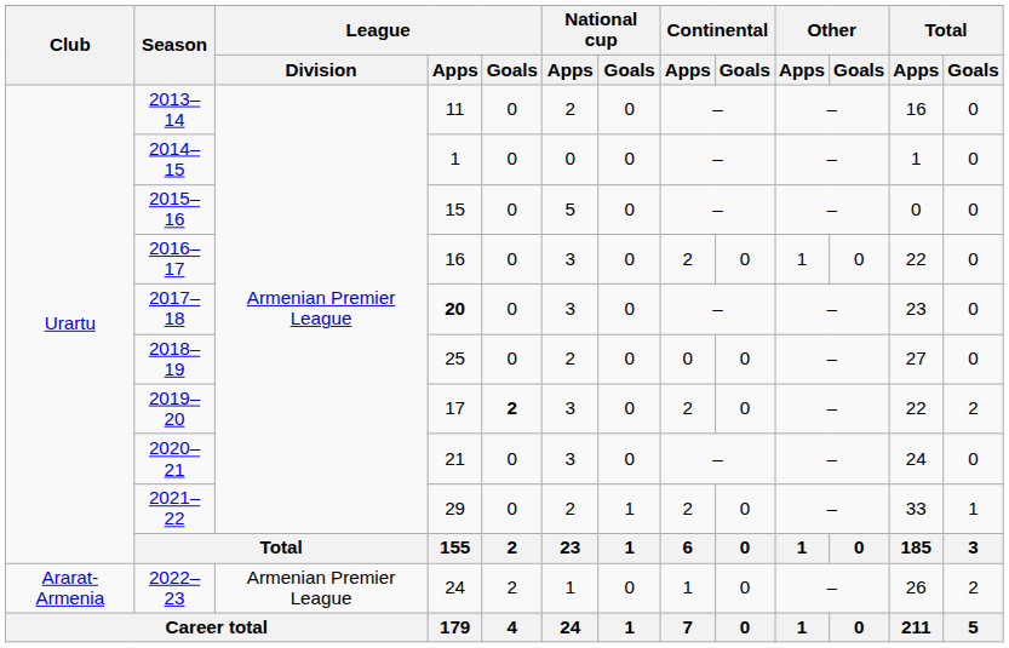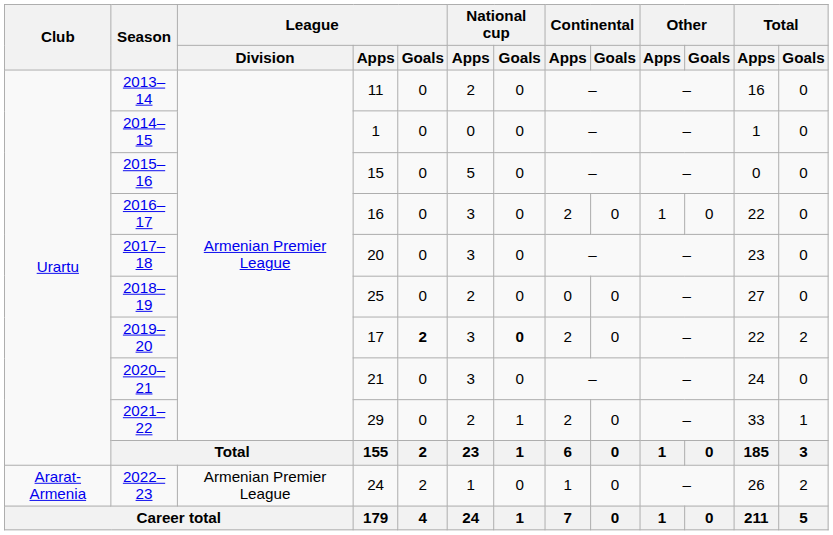 <table class="wikitable" style="text-align: center">
 <tr>
 <th rowspan="2">Club</th>
 <th rowspan="2">Season</th>
 <th colspan="3">League</th>
 <th colspan="2">National cup</th>
 <th colspan="2">Continental</th>
 <th colspan="2">Other</th>
 <th colspan="2">Total</th>
 </tr>
 <tr>
 <th>Division</th>
 <th>Apps</th>
 <th>Goals</th>
 <th>Apps</th>
 <th>Goals</th>
 <th>Apps</th>
 <th>Goals</th>
 <th>Apps</th>
 <th>Goals</th>
 <th>Apps</th>
 <th>Goals</th>
 </tr>
 <tr>
 <td rowspan="10"><a href='#'>Urartu</a></td>
 <td><a href='#'>2013–14</a></td>
 <td rowspan="9"><a href='#'>Armenian Premier League</a></td>
 <td>11</td>
 <td>0</td>
 <td>2</td>
 <td>0</td>
 <td colspan="2">–</td>
 <td colspan="2">–</td>
 <td>16</td>
 <td>0</td>
 </tr>
 <tr>
 <td><a href='#'>2014–15</a></td>
 <td>1</td>
 <td>0</td>
 <td>0</td>
 <td>0</td>
 <td colspan="2">–</td>
 <td colspan="2">–</td>
 <td>1</td>
 <td>0</td>
 </tr>
 <tr>
 <td><a href='#'>2015–16</a></td>
 <td>15</td>
 <td>0</td>
 <td>5</td>
 <td>0</td>
 <td colspan="2">–</td>
 <td colspan="2">–</td>
 <td>0</td>
 <td>0</td>
 </tr>
 <tr>
 <td><a href='#'>2016–17</a></td>
 <td>16</td>
 <td>0</td>
 <td>3</td>
 <td>0</td>
 <td>2</td>
 <td>0</td>
 <td>1</td>
 <td>0</td>
 <td>22</td>
 <td>0</td>
 </tr>
 <tr>
 <td><a href='#'>2017–18</a></td>
-<td><strong>20</strong></td>
+<td>20</td>
 <td>0</td>
 <td>3</td>
 <td>0</td>
 <td colspan="2">–</td>
 <td colspan="2">–</td>
 <td>23</td>
 <td>0</td>
 </tr>
 <tr>
 <td><a href='#'>2018–19</a></td>
 <td>25</td>
 <td>0</td>
 <td>2</td>
 <td>0</td>
 <td>0</td>
 <td>0</td>
 <td colspan="2">–</td>
 <td>27</td>
 <td>0</td>
 </tr>
 <tr>
 <td><a href='#'>2019–20</a></td>
 <td>17</td>
 <td><strong>2</strong></td>
 <td>3</td>
-<td>0</td>
+<td><strong>0</strong></td>
 <td>2</td>
 <td>0</td>
 <td colspan="2">–</td>
 <td>22</td>
 <td>2</td>
 </tr>
 <tr>
 <td><a href='#'>2020–21</a></td>
 <td>21</td>
 <td>0</td>
 <td>3</td>
 <td>0</td>
 <td colspan="2">–</td>
 <td colspan="2">–</td>
 <td>24</td>
 <td>0</td>
 </tr>
 <tr>
 <td><a href='#'>2021–22</a></td>
 <td>29</td>
 <td>0</td>
 <td>2</td>
 <td>1</td>
 <td>2</td>
 <td>0</td>
 <td colspan="2">–</td>
 <td>33</td>
 <td>1</td>
 </tr>
 <tr>
 <th colspan="2">Total</th>
 <th>155</th>
 <th>2</th>
 <th>23</th>
 <th>1</th>
 <th>6</th>
 <th>0</th>
 <th>1</th>
 <th>0</th>
 <th>185</th>
 <th>3</th>
 </tr>
 <tr>
 <td><a href='#'>Ararat-Armenia</a></td>
 <td><a href='#'>2022–23</a></td>
 <td>Armenian Premier League</td>
 <td>24</td>
 <td>2</td>
 <td>1</td>
 <td>0</td>
 <td>1</td>
 <td>0</td>
 <td colspan="2">–</td>
 <td>26</td>
 <td>2</td>
 </tr>
 <tr>
 <th colspan="3">Career total</th>
 <th>179</th>
 <th>4</th>
 <th>24</th>
 <th>1</th>
 <th>7</th>
 <th>0</th>
 <th>1</th>
 <th>0</th>
 <th>211</th>
 <th>5</th>
 </tr>
 </table>
